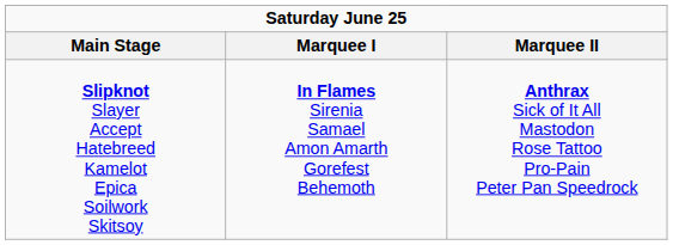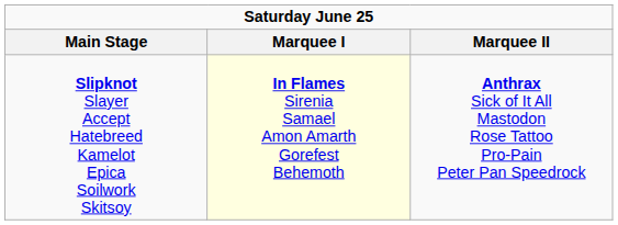 <table class="wikitable">
 <tr>
 <td colspan="3" style="text-align:center;"><strong>Saturday June 25</strong></td>
 </tr>
 <tr>
 <th>Main Stage</th>
 <th>Marquee I</th>
 <th>Marquee II</th>
 </tr>
 <tr>
 <td style="text-align:center; vertical-align:top; width:200px;"><br><strong><a href='#'>Slipknot</a></strong> <br><a href='#'>Slayer</a> <br><a href='#'>Accept</a> <br><a href='#'>Hatebreed</a> <br><a href='#'>Kamelot</a> <br><a href='#'>Epica</a> <br><a href='#'>Soilwork</a> <br><a href='#'>Skitsoy</a></td>
-<td style="text-align:center; vertical-align:top; width:200px;"><br><strong><a href='#'>In Flames</a></strong> <br><a href='#'>Sirenia</a> <br><a href='#'>Samael</a> <br><a href='#'>Amon Amarth</a> <br><a href='#'>Gorefest</a> <br><a href='#'>Behemoth</a></td>
+<td style="background: lightyellow; text-align:center; vertical-align:top; width:200px;"><br><strong><a href='#'>In Flames</a></strong> <br><a href='#'>Sirenia</a> <br><a href='#'>Samael</a> <br><a href='#'>Amon Amarth</a> <br><a href='#'>Gorefest</a> <br><a href='#'>Behemoth</a></td>
 <td style="text-align:center; vertical-align:top; width:200px;"><br><strong><a href='#'>Anthrax</a></strong> <br><a href='#'>Sick of It All</a> <br><a href='#'>Mastodon</a> <br><a href='#'>Rose Tattoo</a> <br><a href='#'>Pro-Pain</a> <br><a href='#'>Peter Pan Speedrock</a></td>
 </tr>
 </table>
